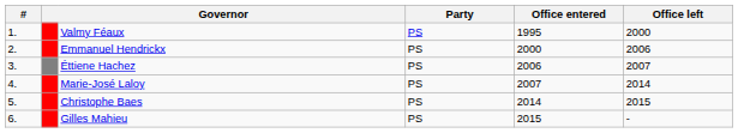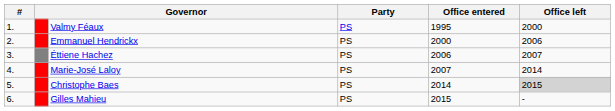 <table class="wikitable" style="text-align:left; font-size:90%; width:75%">
 <tr>
 <th>#</th>
 <th colspan=2 width=50%>Governor</th>
 <th width=15%>Party</th>
 <th width=15%>Office entered</th>
 <th width=15%>Office left</th>
 </tr>
 <tr>
 <td>1.</td>
 <td bgcolor="red"></td>
 <td><a href='#'>Valmy Féaux</a></td>
 <td><a href='#'>PS</a></td>
 <td>1995</td>
 <td>2000</td>
 </tr>
 <tr>
 <td>2.</td>
 <td bgcolor="red"></td>
 <td><a href='#'>Emmanuel Hendrickx</a></td>
 <td>PS</td>
 <td>2000</td>
 <td>2006</td>
 </tr>
 <tr>
 <td>3.</td>
 <td bgcolor="grey"></td>
 <td><a href='#'>Éttiene Hachez</a></td>
 <td>PS</td>
 <td>2006</td>
 <td>2007</td>
 </tr>
 <tr>
 <td>4.</td>
 <td bgcolor="red"></td>
 <td><a href='#'>Marie-José Laloy</a></td>
 <td>PS</td>
 <td>2007</td>
 <td>2014</td>
 </tr>
 <tr>
 <td>5.</td>
 <td bgcolor="red"></td>
 <td><a href='#'>Christophe Baes</a></td>
 <td>PS</td>
 <td>2014</td>
-<td>2015</td>
+<td style="background: lightgrey;">2015</td>
 </tr>
 <tr>
 <td>6.</td>
 <td bgcolor="red"></td>
 <td><a href='#'>Gilles Mahieu</a></td>
 <td>PS</td>
 <td>2015</td>
 <td>-</td>
 </tr>
 </table>
